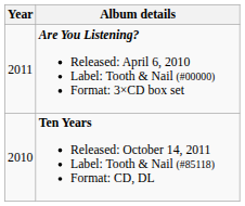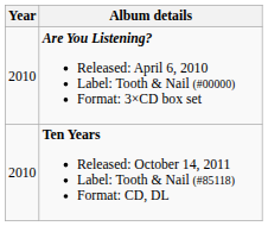 <table class="wikitable">
 <tr>
 <th>Year</th>
 <th style="width:250px;">Album details</th>
 </tr>
 <tr>
-<td style="text-align:center;">2011</td>
+<td style="text-align:center;">2010</td>
 <td><strong><em>Are You Listening?</em></strong><br><ul><li>Released: April 6, 2010</li><li>Label: Tooth & Nail <small>(#00000)</small></li><li>Format: 3×CD box set</li></ul></td>
 </tr>
 <tr>
 <td style="text-align:center;">2010</td>
 <td><strong>Ten Years</strong><br><ul><li>Released: October 14, 2011</li><li>Label: Tooth & Nail <small>(#85118)</small></li><li>Format: CD, DL</li></ul></td>
 </tr>
 </table>
